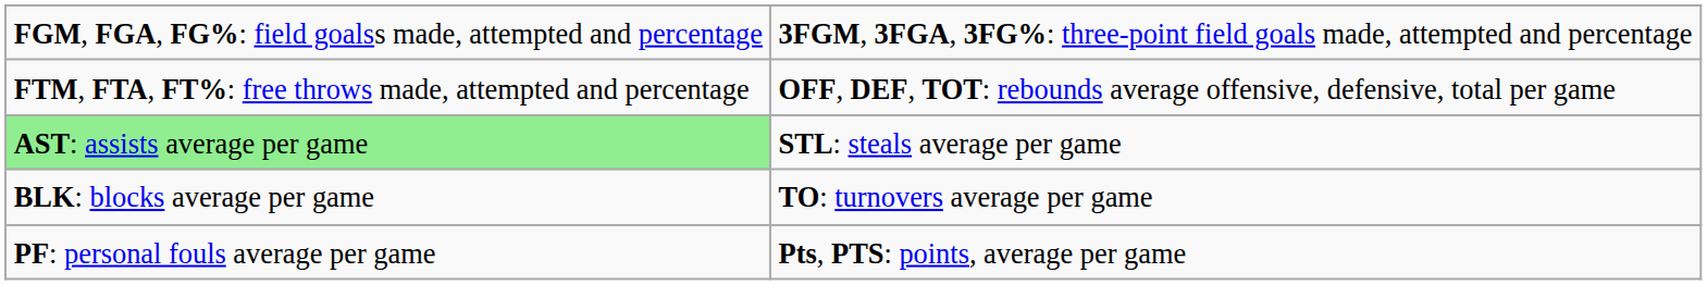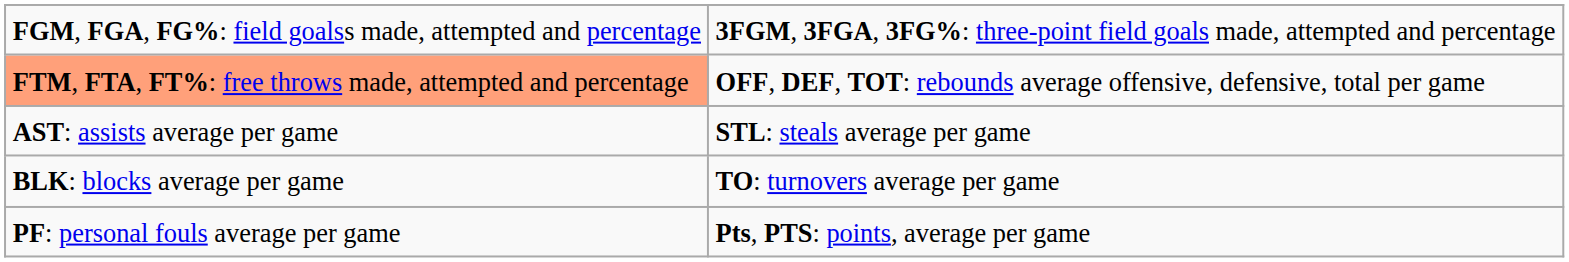 <table align=center class="wikitable" style="margin: 1em auto">
 <tr>
 <td><small><strong>FGM</strong>, <strong>FGA</strong>, <strong>FG%</strong>: <a href='#'>field goals</a>s made, attempted and <a href='#'>percentage</a></small></td>
 <td><small><strong>3FGM</strong>, <strong>3FGA</strong>, <strong>3FG%</strong>: <a href='#'>three-point field goals</a> made, attempted and percentage</small></td>
 </tr>
 <tr>
-<td><small><strong>FTM</strong>, <strong>FTA</strong>, <strong>FT%</strong>: <a href='#'>free throws</a> made, attempted and percentage</small></td>
+<td style="background: lightsalmon;"><small><strong>FTM</strong>, <strong>FTA</strong>, <strong>FT%</strong>: <a href='#'>free throws</a> made, attempted and percentage</small></td>
 <td><small><strong>OFF</strong>, <strong>DEF</strong>, <strong>TOT</strong>: <a href='#'>rebounds</a> average offensive, defensive, total per game</small></td>
 </tr>
 <tr>
-<td style="background: lightgreen;"><small><strong>AST</strong>: <a href='#'>assists</a> average per game</small></td>
+<td><small><strong>AST</strong>: <a href='#'>assists</a> average per game</small></td>
 <td><small><strong>STL</strong>: <a href='#'>steals</a> average per game</small></td>
 </tr>
 <tr>
 <td><small><strong>BLK</strong>: <a href='#'>blocks</a> average per game</small></td>
 <td><small><strong>TO</strong>: <a href='#'>turnovers</a> average per game</small></td>
 </tr>
 <tr>
 <td><small><strong>PF</strong>: <a href='#'>personal fouls</a> average per game</small></td>
 <td><small><strong>Pts</strong>, <strong>PTS</strong>: <a href='#'>points</a>, average per game</small></td>
 </tr>
 </table>
